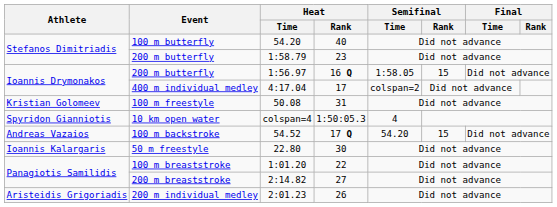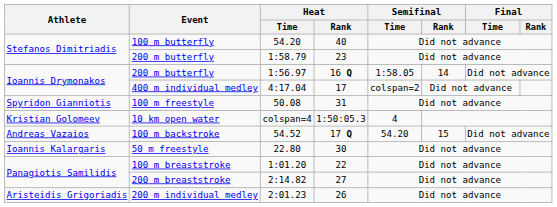 <table class=wikitable style="font-size:90%">
 <tr>
 <th rowspan=2>Athlete</th>
 <th rowspan=2>Event</th>
 <th colspan="2">Heat</th>
 <th colspan="2">Semifinal</th>
 <th colspan="2">Final</th>
 </tr>
 <tr style="font-size:95%">
 <th>Time</th>
 <th>Rank</th>
 <th>Time</th>
 <th>Rank</th>
 <th>Time</th>
 <th>Rank</th>
 </tr>
 <tr align=center>
 <td align=left rowspan=2><a href='#'>Stefanos Dimitriadis</a></td>
 <td align=left><a href='#'>100 m butterfly</a></td>
 <td>54.20</td>
 <td>40</td>
 <td colspan=4>Did not advance</td>
 </tr>
 <tr align=center>
 <td align=left><a href='#'>200 m butterfly</a></td>
 <td>1:58.79</td>
 <td>23</td>
 <td colspan=4>Did not advance</td>
 </tr>
 <tr align=center>
 <td align=left rowspan=2><a href='#'>Ioannis Drymonakos</a></td>
 <td align=left><a href='#'>200 m butterfly</a></td>
 <td>1:56.97</td>
 <td>16 <strong>Q</strong></td>
 <td>1:58.05</td>
-<td>15</td>
+<td>14</td>
 <td colspan=2>Did not advance</td>
 </tr>
 <tr align=center>
 <td align=left><a href='#'>400 m individual medley</a></td>
 <td>4:17.04</td>
 <td>17</td>
 <td>colspan=2 </td>
 <td colspan=2>Did not advance</td>
 </tr>
 <tr align=center>
-<td align=left><a href='#'>Kristian Golomeev</a></td>
+<td align=left><a href='#'>Spyridon Gianniotis</a></td>
 <td align=left><a href='#'>100 m freestyle</a></td>
 <td>50.08</td>
 <td>31</td>
 <td colspan=4>Did not advance</td>
 </tr>
 <tr align=center>
-<td align=left><a href='#'>Spyridon Gianniotis</a></td>
+<td align=left><a href='#'>Kristian Golomeev</a></td>
 <td align=left><a href='#'>10 km open water</a></td>
 <td>colspan=4 </td>
 <td>1:50:05.3</td>
 <td>4</td>
 </tr>
 <tr align=center>
 <td align=left><a href='#'>Andreas Vazaios</a></td>
 <td align=left><a href='#'>100 m backstroke</a></td>
 <td>54.52</td>
 <td>17 <strong>Q</strong></td>
 <td>54.20</td>
 <td>15</td>
 <td colspan=2>Did not advance</td>
 </tr>
 <tr align=center>
 <td align=left><a href='#'>Ioannis Kalargaris</a></td>
 <td align=left><a href='#'>50 m freestyle</a></td>
 <td>22.80</td>
 <td>30</td>
 <td colspan=4>Did not advance</td>
 </tr>
 <tr align=center>
 <td align=left rowspan=2><a href='#'>Panagiotis Samilidis</a></td>
 <td align=left><a href='#'>100 m breaststroke</a></td>
 <td>1:01.20</td>
 <td>22</td>
 <td colspan=4>Did not advance</td>
 </tr>
 <tr align=center>
 <td align=left><a href='#'>200 m breaststroke</a></td>
 <td>2:14.82</td>
 <td>27</td>
 <td colspan=4>Did not advance</td>
 </tr>
 <tr align=center>
 <td align=left><a href='#'>Aristeidis Grigoriadis</a></td>
 <td align=left><a href='#'>200 m individual medley</a></td>
 <td>2:01.23</td>
 <td>26</td>
 <td colspan=4>Did not advance</td>
 </tr>
 </table>
